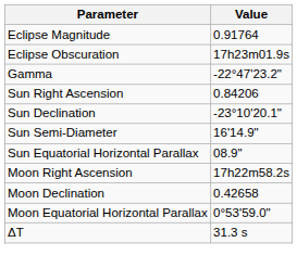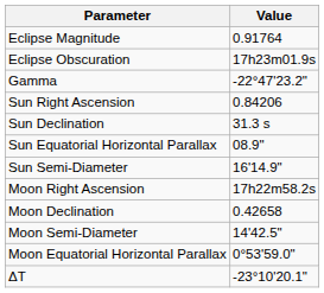 <table class="wikitable">
 <tr>
 <th>Parameter</th>
 <th>Value</th>
 </tr>
 <tr>
 <td>Eclipse Magnitude</td>
 <td>0.91764</td>
 </tr>
 <tr>
 <td>Eclipse Obscuration</td>
 <td>17h23m01.9s</td>
 </tr>
 <tr>
 <td>Gamma</td>
 <td>-22°47'23.2"</td>
 </tr>
 <tr>
 <td>Sun Right Ascension</td>
 <td>0.84206</td>
 </tr>
 <tr>
 <td>Sun Declination</td>
-<td>-23°10'20.1"</td>
+<td>31.3 s</td>
+</tr>
+<tr>
+<td>Sun Equatorial Horizontal Parallax</td>
+<td>08.9"</td>
 </tr>
 <tr>
 <td>Sun Semi-Diameter</td>
 <td>16'14.9"</td>
-</tr>
-<tr>
-<td>Sun Equatorial Horizontal Parallax</td>
-<td>08.9"</td>
 </tr>
 <tr>
 <td>Moon Right Ascension</td>
 <td>17h22m58.2s</td>
 </tr>
 <tr>
 <td>Moon Declination</td>
 <td>0.42658</td>
 </tr>
 <tr>
+<td>Moon Semi-Diameter</td>
+<td>14'42.5"</td>
+</tr>
+<tr>
 <td>Moon Equatorial Horizontal Parallax</td>
 <td>0°53'59.0"</td>
 </tr>
 <tr>
 <td>ΔT</td>
-<td>31.3 s</td>
+<td>-23°10'20.1"</td>
 </tr>
 </table>
